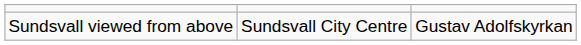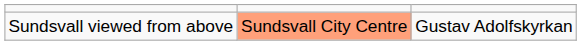 <table class="wikitable" style="margin:1em auto;">
 <tr>
 <td></td>
 <td></td>
 <td></td>
 </tr>
 <tr>
 <td>Sundsvall viewed from above</td>
-<td>Sundsvall City Centre</td>
+<td style="background: lightsalmon;">Sundsvall City Centre</td>
 <td>Gustav Adolfskyrkan</td>
 </tr>
 </table>
